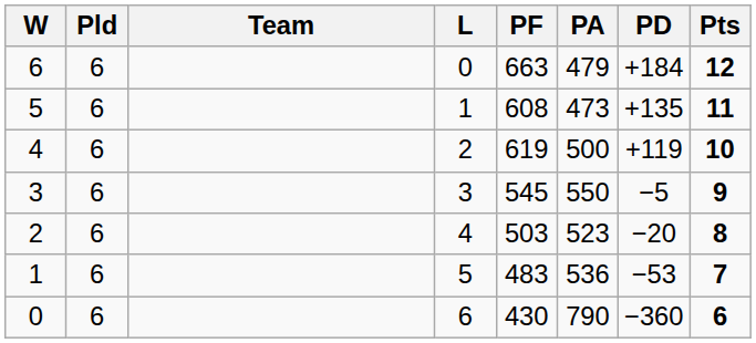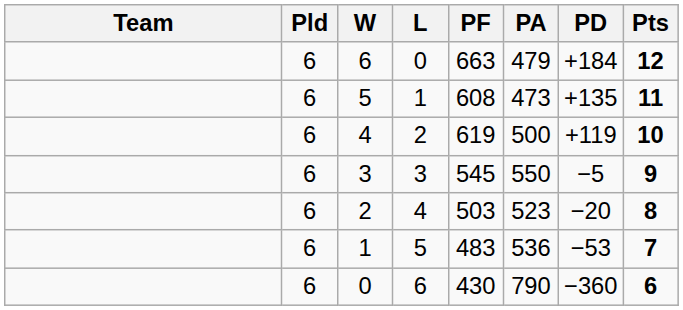 <table class=wikitable style="text-align:center">
 <tr>
+<th width=180>Team</th>
+<th width=30>Pld</th>
 <th width=30>W</th>
-<th width=30>Pld</th>
-<th width=180>Team</th>
 <th width=30>L</th>
 <th width=30>PF</th>
 <th width=30>PA</th>
 <th width=30>PD</th>
 <th width=30>Pts</th>
 </tr>
 <tr>
+<td align="left"></td>
 <td>6</td>
 <td>6</td>
-<td align="left"></td>
 <td>0</td>
 <td>663</td>
 <td>479</td>
 <td>+184</td>
 <td><strong>12</strong></td>
 </tr>
 <tr>
+<td align="left"></td>
+<td>6</td>
 <td>5</td>
-<td>6</td>
-<td align="left"></td>
 <td>1</td>
 <td>608</td>
 <td>473</td>
 <td>+135</td>
 <td><strong>11</strong></td>
 </tr>
 <tr>
+<td align="left"></td>
+<td>6</td>
 <td>4</td>
-<td>6</td>
-<td align="left"></td>
 <td>2</td>
 <td>619</td>
 <td>500</td>
 <td>+119</td>
 <td><strong>10</strong></td>
 </tr>
 <tr>
+<td align="left"></td>
+<td>6</td>
 <td>3</td>
-<td>6</td>
-<td align="left"></td>
 <td>3</td>
 <td>545</td>
 <td>550</td>
 <td>−5</td>
 <td><strong>9</strong></td>
 </tr>
 <tr>
+<td align="left"></td>
+<td>6</td>
 <td>2</td>
-<td>6</td>
-<td align="left"></td>
 <td>4</td>
 <td>503</td>
 <td>523</td>
 <td>−20</td>
 <td><strong>8</strong></td>
 </tr>
 <tr>
+<td align="left"></td>
+<td>6</td>
 <td>1</td>
-<td>6</td>
-<td align="left"></td>
 <td>5</td>
 <td>483</td>
 <td>536</td>
 <td>−53</td>
 <td><strong>7</strong></td>
 </tr>
 <tr>
+<td align="left"></td>
+<td>6</td>
 <td>0</td>
-<td>6</td>
-<td align="left"></td>
 <td>6</td>
 <td>430</td>
 <td>790</td>
 <td>−360</td>
 <td><strong>6</strong></td>
 </tr>
 </table>
